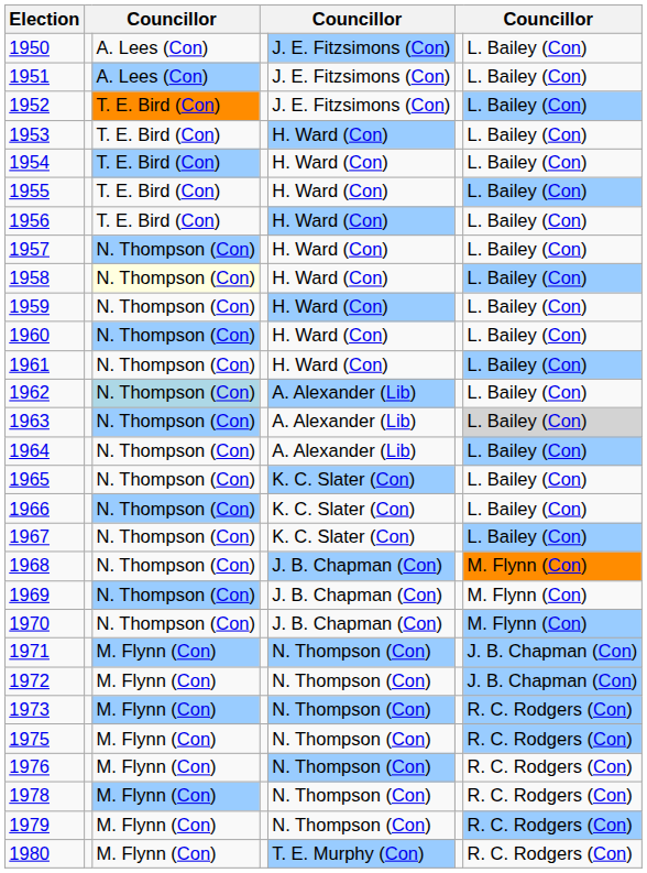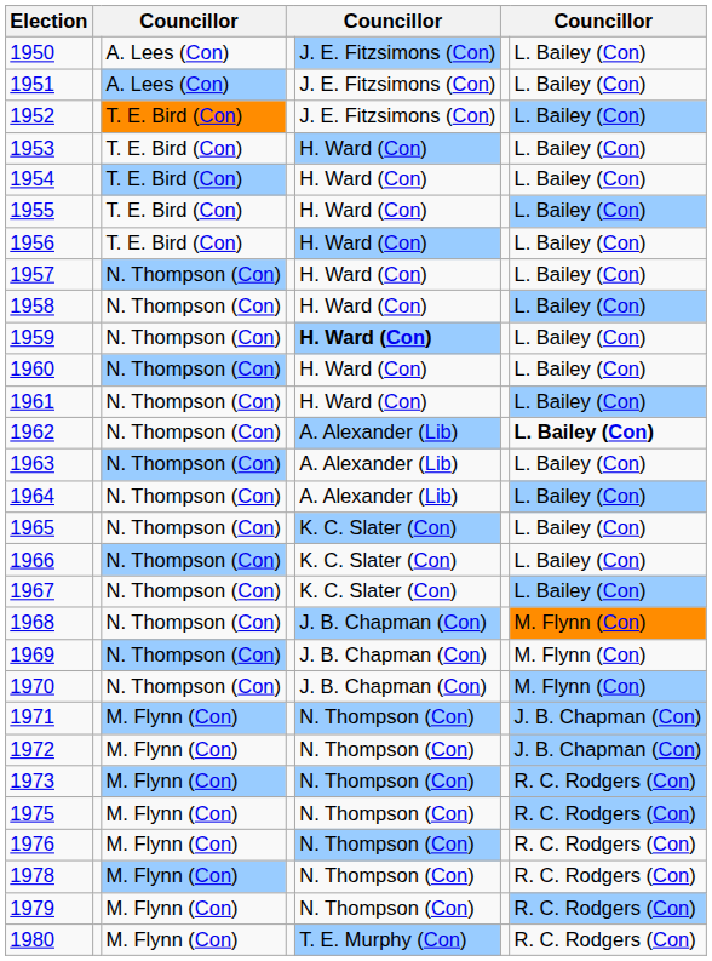 <table class="wikitable">
 <tr>
 <th>Election</th>
 <th colspan="2">Councillor</th>
 <th colspan="2">Councillor</th>
 <th colspan="2">Councillor</th>
 </tr>
 <tr>
 <td><a href='#'>1950</a></td>
 <td style="background-color: "></td>
 <td>A. Lees (<a href='#'>Con</a>)</td>
 <td style="background-color: "></td>
 <td bgcolor="#99CCFF">J. E. Fitzsimons (<a href='#'>Con</a>)</td>
 <td style="background-color: "></td>
 <td>L. Bailey (<a href='#'>Con</a>)</td>
 </tr>
 <tr>
 <td><a href='#'>1951</a></td>
 <td style="background-color: "></td>
 <td bgcolor="#99CCFF">A. Lees (<a href='#'>Con</a>)</td>
 <td style="background-color: "></td>
 <td>J. E. Fitzsimons (<a href='#'>Con</a>)</td>
 <td style="background-color: "></td>
 <td>L. Bailey (<a href='#'>Con</a>)</td>
 </tr>
 <tr>
 <td><a href='#'>1952</a></td>
 <td style="background-color: "></td>
 <td bgcolor="#FF8C00">T. E. Bird (<a href='#'>Con</a>)</td>
 <td style="background-color: "></td>
 <td>J. E. Fitzsimons (<a href='#'>Con</a>)</td>
 <td style="background-color: "></td>
 <td bgcolor="#99CCFF">L. Bailey (<a href='#'>Con</a>)</td>
 </tr>
 <tr>
 <td><a href='#'>1953</a></td>
 <td style="background-color: "></td>
 <td>T. E. Bird (<a href='#'>Con</a>)</td>
 <td style="background-color: "></td>
 <td bgcolor="#99CCFF">H. Ward (<a href='#'>Con</a>)</td>
 <td style="background-color: "></td>
 <td>L. Bailey (<a href='#'>Con</a>)</td>
 </tr>
 <tr>
 <td><a href='#'>1954</a></td>
 <td style="background-color: "></td>
 <td bgcolor="#99CCFF">T. E. Bird (<a href='#'>Con</a>)</td>
 <td style="background-color: "></td>
 <td>H. Ward (<a href='#'>Con</a>)</td>
 <td style="background-color: "></td>
 <td>L. Bailey (<a href='#'>Con</a>)</td>
 </tr>
 <tr>
 <td><a href='#'>1955</a></td>
 <td style="background-color: "></td>
 <td>T. E. Bird (<a href='#'>Con</a>)</td>
 <td style="background-color: "></td>
 <td>H. Ward (<a href='#'>Con</a>)</td>
 <td style="background-color: "></td>
 <td bgcolor="#99CCFF">L. Bailey (<a href='#'>Con</a>)</td>
 </tr>
 <tr>
 <td><a href='#'>1956</a></td>
 <td style="background-color: "></td>
 <td>T. E. Bird (<a href='#'>Con</a>)</td>
 <td style="background-color: "></td>
 <td bgcolor="#99CCFF">H. Ward (<a href='#'>Con</a>)</td>
 <td style="background-color: "></td>
 <td>L. Bailey (<a href='#'>Con</a>)</td>
 </tr>
 <tr>
 <td><a href='#'>1957</a></td>
 <td style="background-color: "></td>
 <td bgcolor="#99CCFF">N. Thompson (<a href='#'>Con</a>)</td>
 <td style="background-color: "></td>
 <td>H. Ward (<a href='#'>Con</a>)</td>
 <td style="background-color: "></td>
 <td>L. Bailey (<a href='#'>Con</a>)</td>
 </tr>
 <tr>
 <td><a href='#'>1958</a></td>
 <td style="background-color: "></td>
-<td style="background: lightyellow;">N. Thompson (<a href='#'>Con</a>)</td>
+<td>N. Thompson (<a href='#'>Con</a>)</td>
 <td style="background-color: "></td>
 <td>H. Ward (<a href='#'>Con</a>)</td>
 <td style="background-color: "></td>
 <td bgcolor="#99CCFF">L. Bailey (<a href='#'>Con</a>)</td>
 </tr>
 <tr>
 <td><a href='#'>1959</a></td>
 <td style="background-color: "></td>
 <td>N. Thompson (<a href='#'>Con</a>)</td>
 <td style="background-color: "></td>
-<td bgcolor="#99CCFF">H. Ward (<a href='#'>Con</a>)</td>
+<td bgcolor="#99CCFF"><strong>H. Ward (<a href='#'>Con</a>)</strong></td>
 <td style="background-color: "></td>
 <td>L. Bailey (<a href='#'>Con</a>)</td>
 </tr>
 <tr>
 <td><a href='#'>1960</a></td>
 <td style="background-color: "></td>
 <td bgcolor="#99CCFF">N. Thompson (<a href='#'>Con</a>)</td>
 <td style="background-color: "></td>
 <td>H. Ward (<a href='#'>Con</a>)</td>
 <td style="background-color: "></td>
 <td>L. Bailey (<a href='#'>Con</a>)</td>
 </tr>
 <tr>
 <td><a href='#'>1961</a></td>
 <td style="background-color: "></td>
 <td>N. Thompson (<a href='#'>Con</a>)</td>
 <td style="background-color: "></td>
 <td>H. Ward (<a href='#'>Con</a>)</td>
 <td style="background-color: "></td>
 <td bgcolor="#99CCFF">L. Bailey (<a href='#'>Con</a>)</td>
 </tr>
 <tr>
 <td><a href='#'>1962</a></td>
 <td style="background-color: "></td>
-<td style="background: lightblue;">N. Thompson (<a href='#'>Con</a>)</td>
+<td>N. Thompson (<a href='#'>Con</a>)</td>
 <td style="background-color: "></td>
 <td bgcolor="#99CCFF">A. Alexander (<a href='#'>Lib</a>)</td>
 <td style="background-color: "></td>
-<td>L. Bailey (<a href='#'>Con</a>)</td>
+<td><strong>L. Bailey (<a href='#'>Con</a>)</strong></td>
 </tr>
 <tr>
 <td><a href='#'>1963</a></td>
 <td style="background-color: "></td>
 <td bgcolor="#99CCFF">N. Thompson (<a href='#'>Con</a>)</td>
 <td style="background-color: "></td>
 <td>A. Alexander (<a href='#'>Lib</a>)</td>
 <td style="background-color: "></td>
-<td style="background: lightgrey;">L. Bailey (<a href='#'>Con</a>)</td>
+<td>L. Bailey (<a href='#'>Con</a>)</td>
 </tr>
 <tr>
 <td><a href='#'>1964</a></td>
 <td style="background-color: "></td>
 <td>N. Thompson (<a href='#'>Con</a>)</td>
 <td style="background-color: "></td>
 <td>A. Alexander (<a href='#'>Lib</a>)</td>
 <td style="background-color: "></td>
 <td bgcolor="#99CCFF">L. Bailey (<a href='#'>Con</a>)</td>
 </tr>
 <tr>
 <td><a href='#'>1965</a></td>
 <td style="background-color: "></td>
 <td>N. Thompson (<a href='#'>Con</a>)</td>
 <td style="background-color: "></td>
 <td bgcolor="#99CCFF">K. C. Slater (<a href='#'>Con</a>)</td>
 <td style="background-color: "></td>
 <td>L. Bailey (<a href='#'>Con</a>)</td>
 </tr>
 <tr>
 <td><a href='#'>1966</a></td>
 <td style="background-color: "></td>
 <td bgcolor="#99CCFF">N. Thompson (<a href='#'>Con</a>)</td>
 <td style="background-color: "></td>
 <td>K. C. Slater (<a href='#'>Con</a>)</td>
 <td style="background-color: "></td>
 <td>L. Bailey (<a href='#'>Con</a>)</td>
 </tr>
 <tr>
 <td><a href='#'>1967</a></td>
 <td style="background-color: "></td>
 <td>N. Thompson (<a href='#'>Con</a>)</td>
 <td style="background-color: "></td>
 <td>K. C. Slater (<a href='#'>Con</a>)</td>
 <td style="background-color: "></td>
 <td bgcolor="#99CCFF">L. Bailey (<a href='#'>Con</a>)</td>
 </tr>
 <tr>
 <td><a href='#'>1968</a></td>
 <td style="background-color: "></td>
 <td>N. Thompson (<a href='#'>Con</a>)</td>
 <td style="background-color: "></td>
 <td bgcolor="#99CCFF">J. B. Chapman (<a href='#'>Con</a>)</td>
 <td style="background-color: "></td>
 <td bgcolor="#FF8C00">M. Flynn (<a href='#'>Con</a>)</td>
 </tr>
 <tr>
 <td><a href='#'>1969</a></td>
 <td style="background-color: "></td>
 <td bgcolor="#99CCFF">N. Thompson (<a href='#'>Con</a>)</td>
 <td style="background-color: "></td>
 <td>J. B. Chapman (<a href='#'>Con</a>)</td>
 <td style="background-color: "></td>
 <td>M. Flynn (<a href='#'>Con</a>)</td>
 </tr>
 <tr>
 <td><a href='#'>1970</a></td>
 <td style="background-color: "></td>
 <td>N. Thompson (<a href='#'>Con</a>)</td>
 <td style="background-color: "></td>
 <td>J. B. Chapman (<a href='#'>Con</a>)</td>
 <td style="background-color: "></td>
 <td bgcolor="#99CCFF">M. Flynn (<a href='#'>Con</a>)</td>
 </tr>
 <tr>
 <td><a href='#'>1971</a></td>
 <td style="background-color: "></td>
 <td bgcolor="#99CCFF">M. Flynn (<a href='#'>Con</a>)</td>
 <td style="background-color: "></td>
 <td bgcolor="#99CCFF">N. Thompson (<a href='#'>Con</a>)</td>
 <td style="background-color: "></td>
 <td bgcolor="#99CCFF">J. B. Chapman (<a href='#'>Con</a>)</td>
 </tr>
 <tr>
 <td><a href='#'>1972</a></td>
 <td style="background-color: "></td>
 <td>M. Flynn (<a href='#'>Con</a>)</td>
 <td style="background-color: "></td>
 <td>N. Thompson (<a href='#'>Con</a>)</td>
 <td style="background-color: "></td>
 <td bgcolor="#99CCFF">J. B. Chapman (<a href='#'>Con</a>)</td>
 </tr>
 <tr>
 <td><a href='#'>1973</a></td>
 <td style="background-color: "></td>
 <td bgcolor="#99CCFF">M. Flynn (<a href='#'>Con</a>)</td>
 <td style="background-color: "></td>
 <td bgcolor="#99CCFF">N. Thompson (<a href='#'>Con</a>)</td>
 <td style="background-color: "></td>
 <td bgcolor="#99CCFF">R. C. Rodgers (<a href='#'>Con</a>)</td>
 </tr>
 <tr>
 <td><a href='#'>1975</a></td>
 <td style="background-color: "></td>
 <td>M. Flynn (<a href='#'>Con</a>)</td>
 <td style="background-color: "></td>
 <td>N. Thompson (<a href='#'>Con</a>)</td>
 <td style="background-color: "></td>
 <td bgcolor="#99CCFF">R. C. Rodgers (<a href='#'>Con</a>)</td>
 </tr>
 <tr>
 <td><a href='#'>1976</a></td>
 <td style="background-color: "></td>
 <td>M. Flynn (<a href='#'>Con</a>)</td>
 <td style="background-color: "></td>
 <td bgcolor="#99CCFF">N. Thompson (<a href='#'>Con</a>)</td>
 <td style="background-color: "></td>
 <td>R. C. Rodgers (<a href='#'>Con</a>)</td>
 </tr>
 <tr>
 <td><a href='#'>1978</a></td>
 <td style="background-color: "></td>
 <td bgcolor="#99CCFF">M. Flynn (<a href='#'>Con</a>)</td>
 <td style="background-color: "></td>
 <td>N. Thompson (<a href='#'>Con</a>)</td>
 <td style="background-color: "></td>
 <td>R. C. Rodgers (<a href='#'>Con</a>)</td>
 </tr>
 <tr>
 <td><a href='#'>1979</a></td>
 <td style="background-color: "></td>
 <td>M. Flynn (<a href='#'>Con</a>)</td>
 <td style="background-color: "></td>
 <td>N. Thompson (<a href='#'>Con</a>)</td>
 <td style="background-color: "></td>
 <td bgcolor="#99CCFF">R. C. Rodgers (<a href='#'>Con</a>)</td>
 </tr>
 <tr>
 <td><a href='#'>1980</a></td>
 <td style="background-color: "></td>
 <td>M. Flynn (<a href='#'>Con</a>)</td>
 <td style="background-color: "></td>
 <td bgcolor="#99CCFF">T. E. Murphy (<a href='#'>Con</a>)</td>
 <td style="background-color: "></td>
 <td>R. C. Rodgers (<a href='#'>Con</a>)</td>
 </tr>
 </table>
